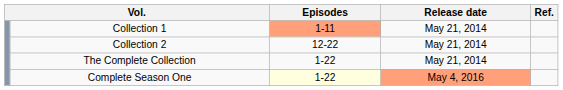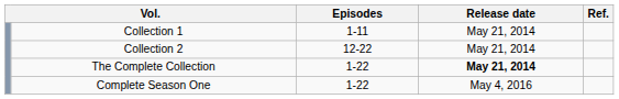 <table class="wikitable" style="text-align: center; width: 98%;">
 <tr>
 <th colspan="2">Vol.</th>
 <th>Episodes</th>
 <th>Release date</th>
 <th width="5%">Ref.</th>
 </tr>
 <tr>
 <td rowspan="12" style="background: #8697AC;" width="1%"></td>
 <td>Collection 1</td>
-<td style="background: lightsalmon;">1-11</td>
+<td>1-11</td>
 <td>May 21, 2014</td>
 <td></td>
 </tr>
 <tr>
 <td>Collection 2</td>
 <td>12-22</td>
 <td>May 21, 2014</td>
 <td></td>
 </tr>
 <tr>
 <td>The Complete Collection</td>
 <td>1-22</td>
-<td>May 21, 2014</td>
+<td><strong>May 21, 2014</strong></td>
 <td></td>
 </tr>
 <tr>
 <td>Complete Season One</td>
-<td style="background: lightyellow;">1-22</td>
-<td style="background: lightsalmon;">May 4, 2016</td>
+<td>1-22</td>
+<td>May 4, 2016</td>
 <td></td>
 </tr>
 </table>
